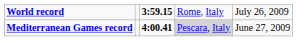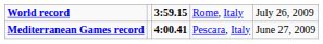 <table class="wikitable">
 <tr>
 <td><strong><a href='#'>World record</a></strong></td>
 <td></td>
 <td><strong>3:59.15</strong></td>
 <td><a href='#'>Rome</a>, <a href='#'>Italy</a></td>
 <td>July 26, 2009</td>
 </tr>
 <tr>
 <td><strong><a href='#'>Mediterranean Games record</a></strong></td>
 <td></td>
 <td><strong>4:00.41</strong></td>
-<td style="background: lightgrey;"><a href='#'>Pescara</a>, <a href='#'>Italy</a></td>
+<td><a href='#'>Pescara</a>, <a href='#'>Italy</a></td>
 <td>June 27, 2009</td>
 </tr>
 </table>
